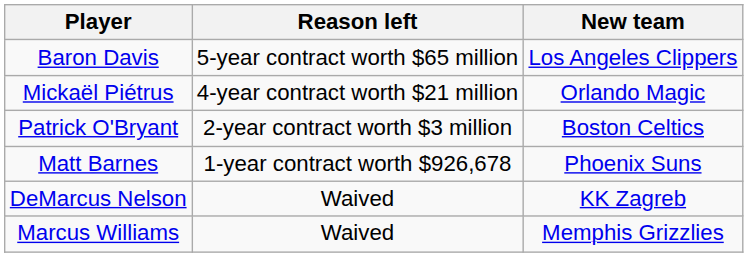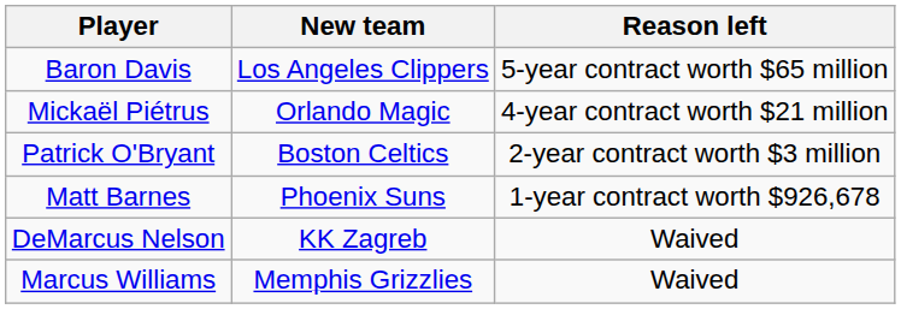 <table class="wikitable sortable sortable" style="text-align: center">
 <tr>
 <th>Player</th>
+<th>New team</th>
 <th>Reason left</th>
-<th>New team</th>
 </tr>
 <tr style="text-align: center">
 <td><a href='#'>Baron Davis</a></td>
+<td><a href='#'>Los Angeles Clippers</a></td>
 <td>5-year contract worth $65 million</td>
-<td><a href='#'>Los Angeles Clippers</a></td>
 </tr>
 <tr style="text-align: center">
 <td><a href='#'>Mickaël Piétrus</a></td>
+<td><a href='#'>Orlando Magic</a></td>
 <td>4-year contract worth $21 million</td>
-<td><a href='#'>Orlando Magic</a></td>
 </tr>
 <tr style="text-align: center">
 <td><a href='#'>Patrick O'Bryant</a></td>
+<td><a href='#'>Boston Celtics</a></td>
 <td>2-year contract worth $3 million</td>
-<td><a href='#'>Boston Celtics</a></td>
 </tr>
 <tr style="text-align: center">
 <td><a href='#'>Matt Barnes</a></td>
+<td><a href='#'>Phoenix Suns</a></td>
 <td>1-year contract worth $926,678</td>
-<td><a href='#'>Phoenix Suns</a></td>
 </tr>
 <tr style="text-align: center">
 <td><a href='#'>DeMarcus Nelson</a></td>
+<td><a href='#'>KK Zagreb</a></td>
 <td>Waived</td>
-<td><a href='#'>KK Zagreb</a></td>
 </tr>
 <tr style="text-align: center">
 <td><a href='#'>Marcus Williams</a></td>
+<td><a href='#'>Memphis Grizzlies</a></td>
 <td>Waived</td>
-<td><a href='#'>Memphis Grizzlies</a></td>
 </tr>
 </table>
